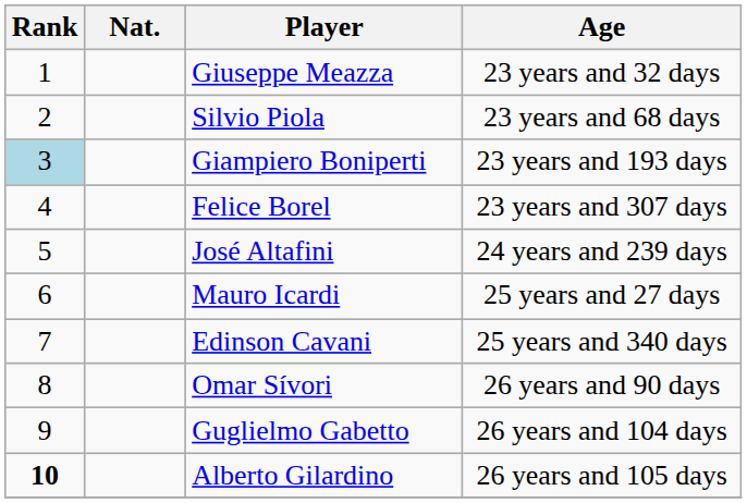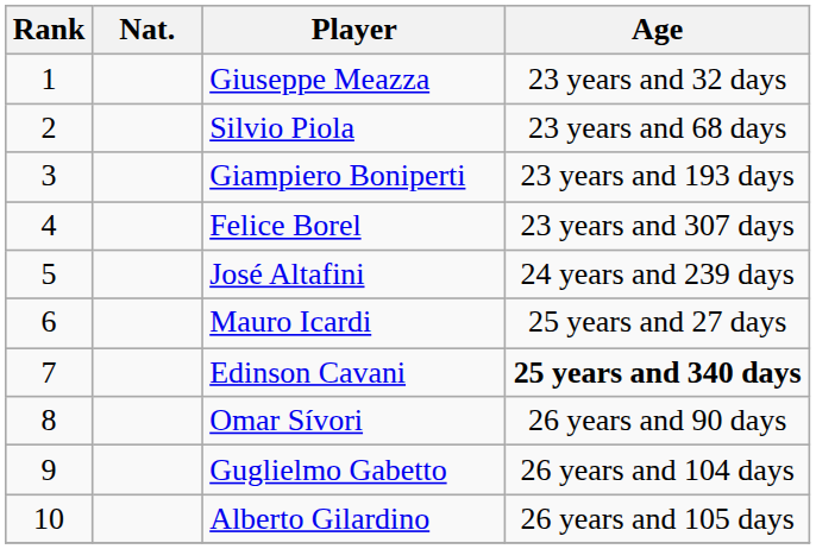 <table class=wikitable>
 <tr>
 <th>Rank</th>
 <th width="50px">Nat.</th>
 <th width="150px">Player</th>
 <th width="150px">Age</th>
 </tr>
 <tr align="center">
 <td>1</td>
 <td></td>
 <td align=left><a href='#'>Giuseppe Meazza</a></td>
 <td>23 years and 32 days</td>
 </tr>
 <tr align="center">
 <td>2</td>
 <td></td>
 <td align=left><a href='#'>Silvio Piola</a></td>
 <td>23 years and 68 days</td>
 </tr>
 <tr align="center">
-<td style="background: lightblue;">3</td>
+<td>3</td>
 <td></td>
 <td align=left><a href='#'>Giampiero Boniperti</a></td>
 <td>23 years and 193 days</td>
 </tr>
 <tr align="center">
 <td>4</td>
 <td></td>
 <td align=left><a href='#'>Felice Borel</a></td>
 <td>23 years and 307 days</td>
 </tr>
 <tr align="center">
 <td>5</td>
 <td></td>
 <td align=left><a href='#'>José Altafini</a></td>
 <td>24 years and 239 days</td>
 </tr>
 <tr align="center">
 <td>6</td>
 <td></td>
 <td align=left><a href='#'>Mauro Icardi</a></td>
 <td>25 years and 27 days</td>
 </tr>
 <tr align="center">
 <td>7</td>
 <td></td>
 <td align=left><a href='#'>Edinson Cavani</a></td>
-<td>25 years and 340 days</td>
+<td><strong>25 years and 340 days</strong></td>
 </tr>
 <tr align="center">
 <td>8</td>
 <td></td>
 <td align=left><a href='#'>Omar Sívori</a></td>
 <td>26 years and 90 days</td>
 </tr>
 <tr align="center">
 <td>9</td>
 <td></td>
 <td align=left><a href='#'>Guglielmo Gabetto</a></td>
 <td>26 years and 104 days</td>
 </tr>
 <tr align="center">
-<td><strong>10</strong></td>
+<td>10</td>
 <td></td>
 <td align=left><a href='#'>Alberto Gilardino</a></td>
 <td>26 years and 105 days</td>
 </tr>
 <tr align="center">
 </tr>
 </table>
